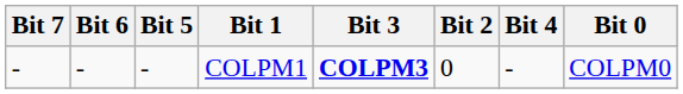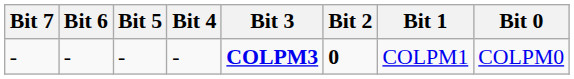 <table class="wikitable">
 <tr>
 <th>Bit 7</th>
 <th>Bit 6</th>
 <th>Bit 5</th>
-<th>Bit 1</th>
+<th>Bit 4</th>
 <th>Bit 3</th>
 <th>Bit 2</th>
-<th>Bit 4</th>
+<th>Bit 1</th>
 <th>Bit 0</th>
 </tr>
 <tr>
 <td>-</td>
 <td>-</td>
 <td>-</td>
+<td>-</td>
+<td><strong><a href='#'>COLPM3</a></strong></td>
+<td><strong>0</strong></td>
 <td><a href='#'>COLPM1</a></td>
-<td><strong><a href='#'>COLPM3</a></strong></td>
-<td>0</td>
-<td>-</td>
 <td><a href='#'>COLPM0</a></td>
 </tr>
 </table>
